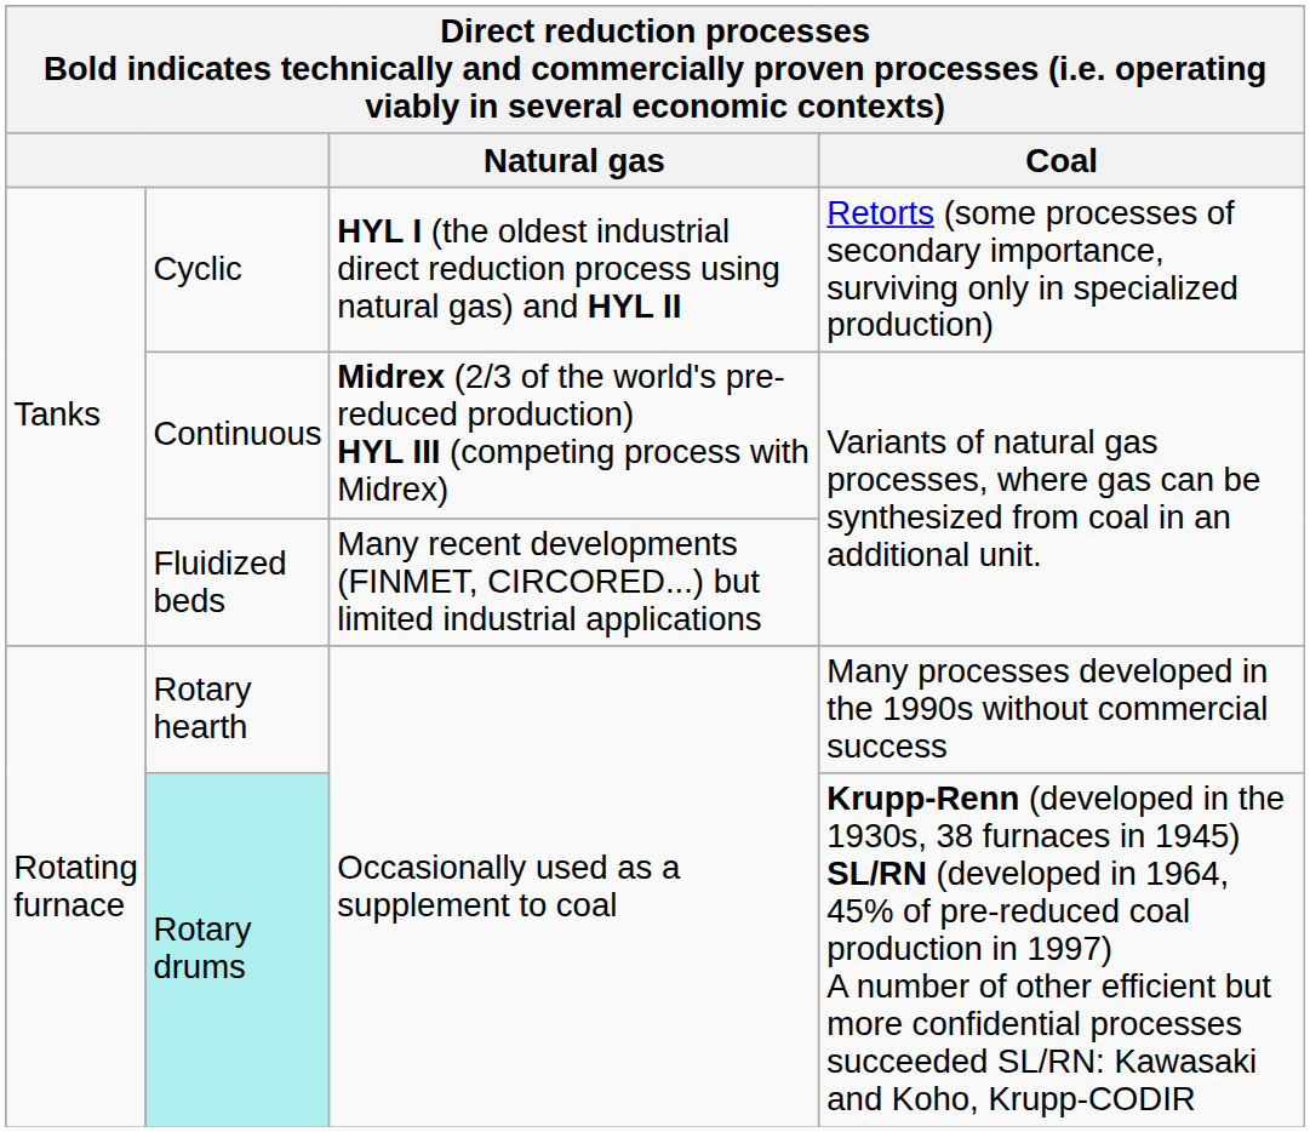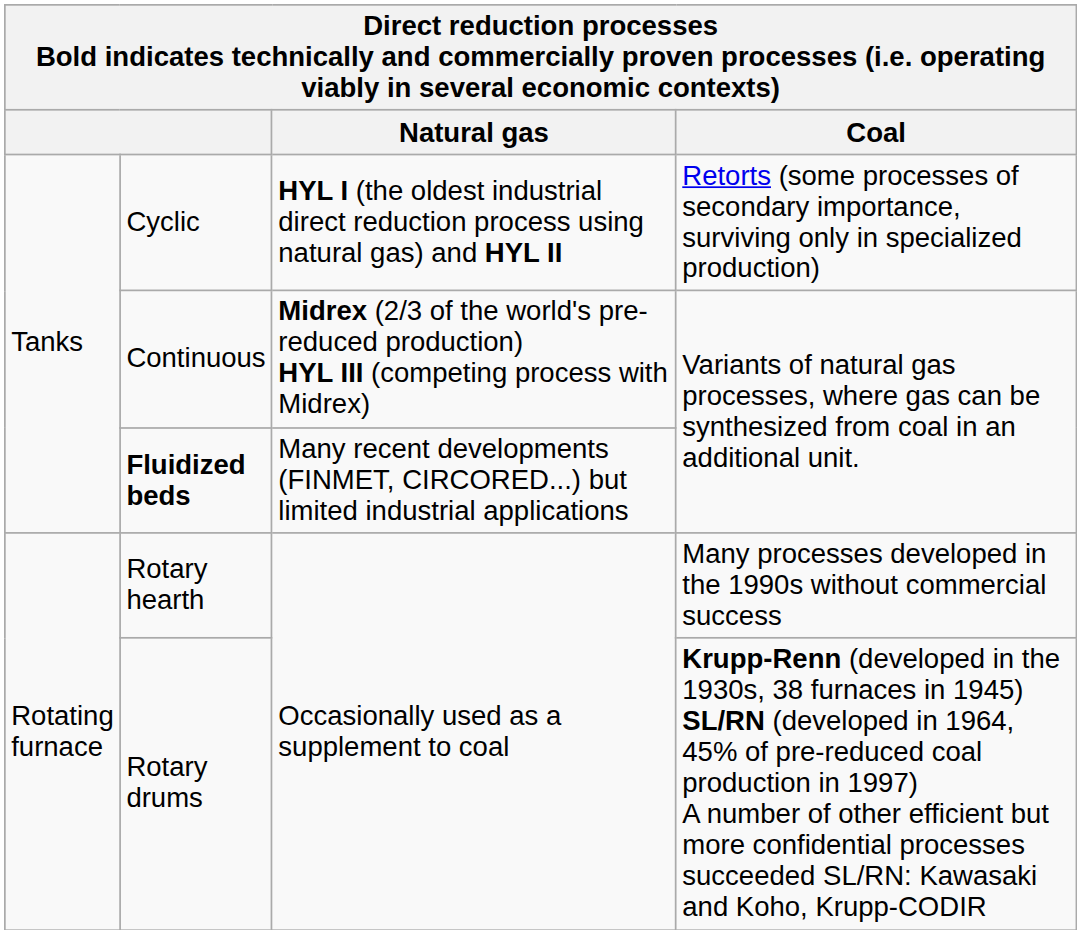 <table class="wikitable center" style="width:100%;">
 <tr>
 <th colspan="4">Direct reduction processes<br>Bold indicates technically and commercially proven processes (i.e. operating viably in several economic contexts)</th>
 </tr>
 <tr>
 <th colspan="2" scope="col"></th>
 <th width="40%" scope="col">Natural gas</th>
 <th width="40%" scope="col">Coal</th>
 </tr>
 <tr>
 <td rowspan="3">Tanks</td>
 <td>Cyclic</td>
 <td><strong>HYL I</strong> (the oldest industrial direct reduction process using natural gas) and <strong>HYL II</strong></td>
 <td><a href='#'>Retorts</a> (some processes of secondary importance, surviving only in specialized production)</td>
 </tr>
 <tr>
 <td>Continuous</td>
 <td><strong>Midrex</strong> (2/3 of the world's pre-reduced production)<br><strong>HYL III</strong> (competing process with Midrex)</td>
 <td rowspan="2">Variants of natural gas processes, where gas can be synthesized from coal in an additional unit.</td>
 </tr>
 <tr>
-<td>Fluidized beds</td>
+<td><strong>Fluidized beds</strong></td>
 <td>Many recent developments (FINMET, CIRCORED...) but limited industrial applications</td>
 </tr>
 <tr>
 <td rowspan="2">Rotating furnace</td>
 <td>Rotary hearth</td>
 <td rowspan="2">Occasionally used as a supplement to coal</td>
 <td>Many processes developed in the 1990s without commercial success</td>
 </tr>
 <tr>
-<td style="background: paleturquoise;">Rotary drums</td>
+<td>Rotary drums</td>
 <td><strong>Krupp-Renn</strong> (developed in the 1930s, 38 furnaces in 1945)<br><strong>SL/RN</strong> (developed in 1964, 45% of pre-reduced coal production in 1997)<br>A number of other efficient but more confidential processes succeeded SL/RN: Kawasaki and Koho, Krupp-CODIR</td>
 </tr>
 </table>
